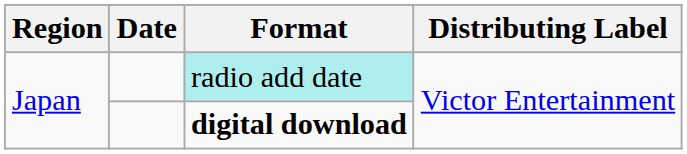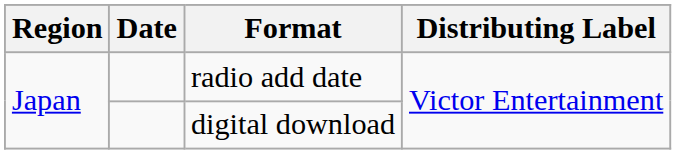 <table class="wikitable">
 <tr>
 <th>Region</th>
 <th>Date</th>
 <th>Format</th>
 <th>Distributing Label</th>
 </tr>
 <tr>
 <td rowspan="2"><a href='#'>Japan</a></td>
 <td></td>
-<td style="background: paleturquoise;">radio add date</td>
+<td>radio add date</td>
 <td rowspan="2"><a href='#'>Victor Entertainment</a></td>
 </tr>
 <tr>
 <td></td>
-<td><strong>digital download</strong></td>
+<td>digital download</td>
 </tr>
 </table>
